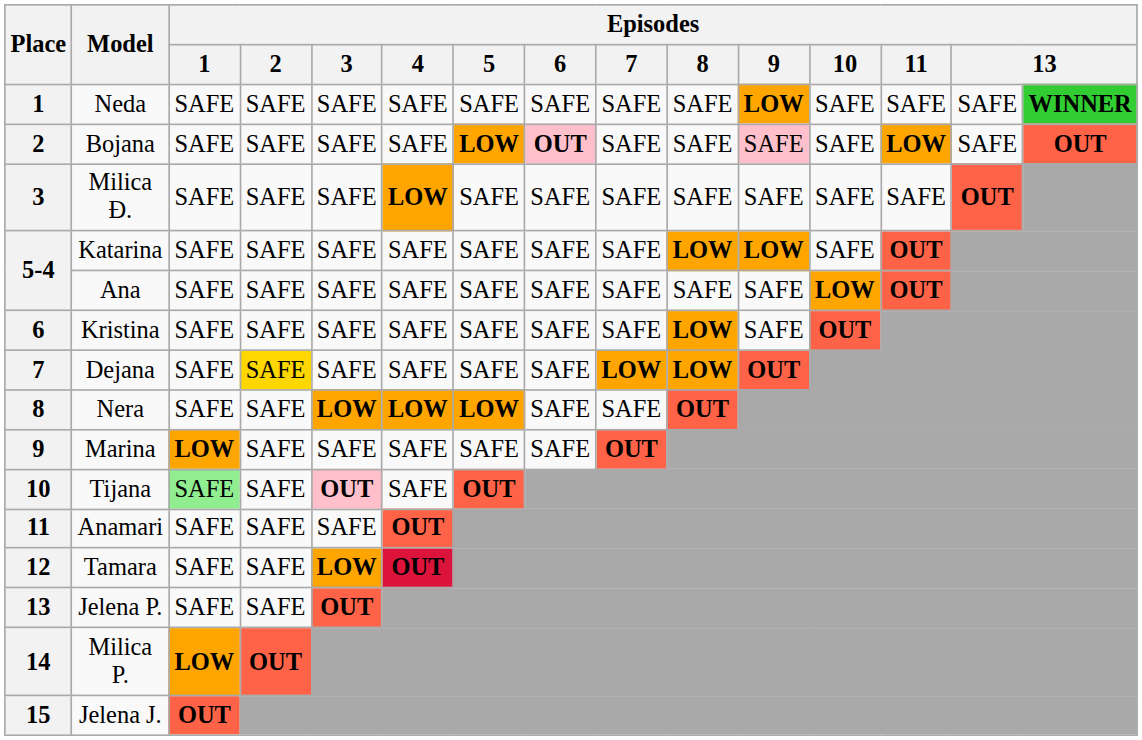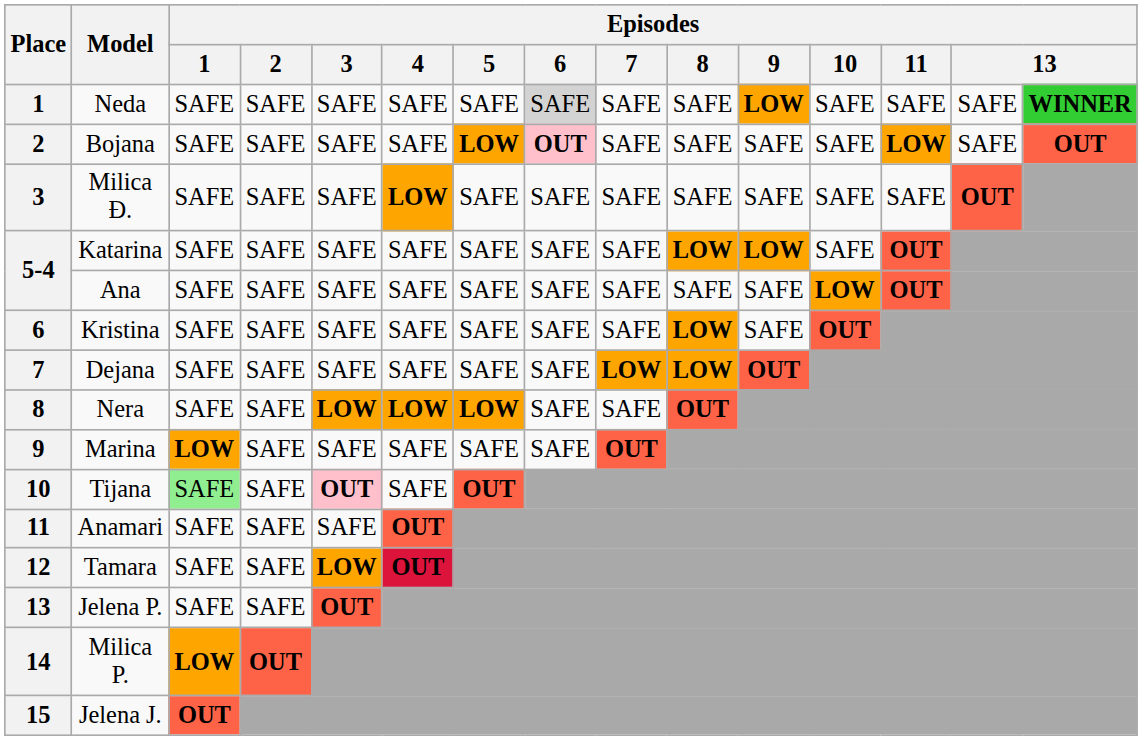 <table class="wikitable" style="text-align:center; font-size:92%">
 <tr>
 <th rowspan="2">Place</th>
 <th rowspan="2">Model</th>
 <th colspan="14">Episodes</th>
 </tr>
 <tr>
 <th>1</th>
 <th>2</th>
 <th>3</th>
 <th>4</th>
 <th>5</th>
 <th>6</th>
 <th>7</th>
 <th>8</th>
 <th>9</th>
 <th>10</th>
 <th>11</th>
 <th colspan="2">13</th>
 </tr>
 <tr>
 <th>1</th>
 <td>Neda</td>
 <td>SAFE</td>
 <td>SAFE</td>
 <td>SAFE</td>
 <td>SAFE</td>
 <td>SAFE</td>
-<td>SAFE</td>
+<td style="background: lightgrey;">SAFE</td>
 <td>SAFE</td>
 <td>SAFE</td>
 <td style="background:orange"><strong>LOW</strong></td>
 <td>SAFE</td>
 <td>SAFE</td>
 <td>SAFE</td>
 <td style="background:limegreen"><strong>WINNER</strong></td>
 </tr>
 <tr>
 <th>2</th>
 <td>Bojana</td>
 <td>SAFE</td>
 <td>SAFE</td>
 <td>SAFE</td>
 <td>SAFE</td>
 <td style="background:orange"><strong>LOW</strong></td>
 <td style="background:pink;"><strong>OUT</strong></td>
 <td>SAFE</td>
 <td>SAFE</td>
-<td style="background: pink;">SAFE</td>
+<td>SAFE</td>
 <td>SAFE</td>
 <td style="background:orange"><strong>LOW</strong></td>
 <td>SAFE</td>
 <td style="background:tomato"><strong>OUT</strong></td>
 </tr>
 <tr>
 <th>3</th>
 <td>Milica Đ.</td>
 <td>SAFE</td>
 <td>SAFE</td>
 <td>SAFE</td>
 <td style="background:orange"><strong>LOW</strong></td>
 <td>SAFE</td>
 <td>SAFE</td>
 <td>SAFE</td>
 <td>SAFE</td>
 <td>SAFE</td>
 <td>SAFE</td>
 <td>SAFE</td>
 <td style="background:tomato"><strong>OUT</strong></td>
 <td style="background:darkgray"></td>
 </tr>
 <tr>
 <th rowspan="2">5-4</th>
 <td>Katarina</td>
 <td>SAFE</td>
 <td>SAFE</td>
 <td>SAFE</td>
 <td>SAFE</td>
 <td>SAFE</td>
 <td>SAFE</td>
 <td>SAFE</td>
 <td style="background:orange"><strong>LOW</strong></td>
 <td style="background:orange"><strong>LOW</strong></td>
 <td>SAFE</td>
 <td style="background:tomato"><strong>OUT</strong></td>
 <td colspan="2" style="background:darkgray"></td>
 </tr>
 <tr>
 <td>Ana</td>
 <td>SAFE</td>
 <td>SAFE</td>
 <td>SAFE</td>
 <td>SAFE</td>
 <td>SAFE</td>
 <td>SAFE</td>
 <td>SAFE</td>
 <td>SAFE</td>
 <td>SAFE</td>
 <td style="background:orange"><strong>LOW</strong></td>
 <td style="background:tomato"><strong>OUT</strong></td>
 <td colspan="3" style="background:darkgray"></td>
 </tr>
 <tr>
 <th>6</th>
 <td>Kristina</td>
 <td>SAFE</td>
 <td>SAFE</td>
 <td>SAFE</td>
 <td>SAFE</td>
 <td>SAFE</td>
 <td>SAFE</td>
 <td>SAFE</td>
 <td style="background:orange"><strong>LOW</strong></td>
 <td>SAFE</td>
 <td style="background:tomato"><strong>OUT</strong></td>
 <td colspan="5" style="background:darkgray"></td>
 </tr>
 <tr>
 <th>7</th>
 <td>Dejana</td>
 <td>SAFE</td>
-<td style="background: gold;">SAFE</td>
+<td>SAFE</td>
 <td>SAFE</td>
 <td>SAFE</td>
 <td>SAFE</td>
 <td>SAFE</td>
 <td style="background:orange"><strong>LOW</strong></td>
 <td style="background:orange"><strong>LOW</strong></td>
 <td style="background:tomato"><strong>OUT</strong></td>
 <td colspan="5" style="background:darkgray"></td>
 </tr>
 <tr>
 <th>8</th>
 <td>Nera</td>
 <td>SAFE</td>
 <td>SAFE</td>
 <td style="background:orange"><strong>LOW</strong></td>
 <td style="background:orange"><strong>LOW</strong></td>
 <td style="background:orange"><strong>LOW</strong></td>
 <td>SAFE</td>
 <td>SAFE</td>
 <td style="background:tomato"><strong>OUT</strong></td>
 <td colspan="6" style="background:darkgray"></td>
 </tr>
 <tr>
 <th>9</th>
 <td>Marina</td>
 <td style="background:orange"><strong>LOW</strong></td>
 <td>SAFE</td>
 <td>SAFE</td>
 <td>SAFE</td>
 <td>SAFE</td>
 <td>SAFE</td>
 <td style="background:tomato"><strong>OUT</strong></td>
 <td colspan="7" style="background:darkgray"></td>
 </tr>
 <tr>
 <th>10</th>
 <td>Tijana</td>
 <td style="background: lightgreen;">SAFE</td>
 <td>SAFE</td>
 <td style="background:pink;"><strong>OUT</strong></td>
 <td>SAFE</td>
 <td style="background:tomato"><strong>OUT</strong></td>
 <td colspan="8" style="background:darkgray"></td>
 </tr>
 <tr>
 <th>11</th>
 <td>Anamari</td>
 <td>SAFE</td>
 <td>SAFE</td>
 <td>SAFE</td>
 <td style="background:tomato"><strong>OUT</strong></td>
 <td colspan="10" style="background:darkgray"></td>
 </tr>
 <tr>
 <th>12</th>
 <td>Tamara</td>
 <td>SAFE</td>
 <td>SAFE</td>
 <td style="background:orange"><strong>LOW</strong></td>
 <td style="background:crimson;"><span><strong>OUT</strong></span></td>
 <td colspan="10" style="background:darkgray"></td>
 </tr>
 <tr>
 <th>13</th>
 <td>Jelena P.</td>
 <td>SAFE</td>
 <td>SAFE</td>
 <td style="background:tomato"><strong>OUT</strong></td>
 <td colspan="13" style="background:darkgray"></td>
 </tr>
 <tr>
 <th>14</th>
 <td>Milica P.</td>
 <td style="background:orange"><strong>LOW</strong></td>
 <td style="background:tomato"><strong>OUT</strong></td>
 <td colspan="13" style="background:darkgray"></td>
 </tr>
 <tr>
 <th>15</th>
 <td>Jelena J.</td>
 <td style="background:tomato"><strong>OUT</strong></td>
 <td colspan="13" style="background:darkgray"></td>
 </tr>
 </table>
